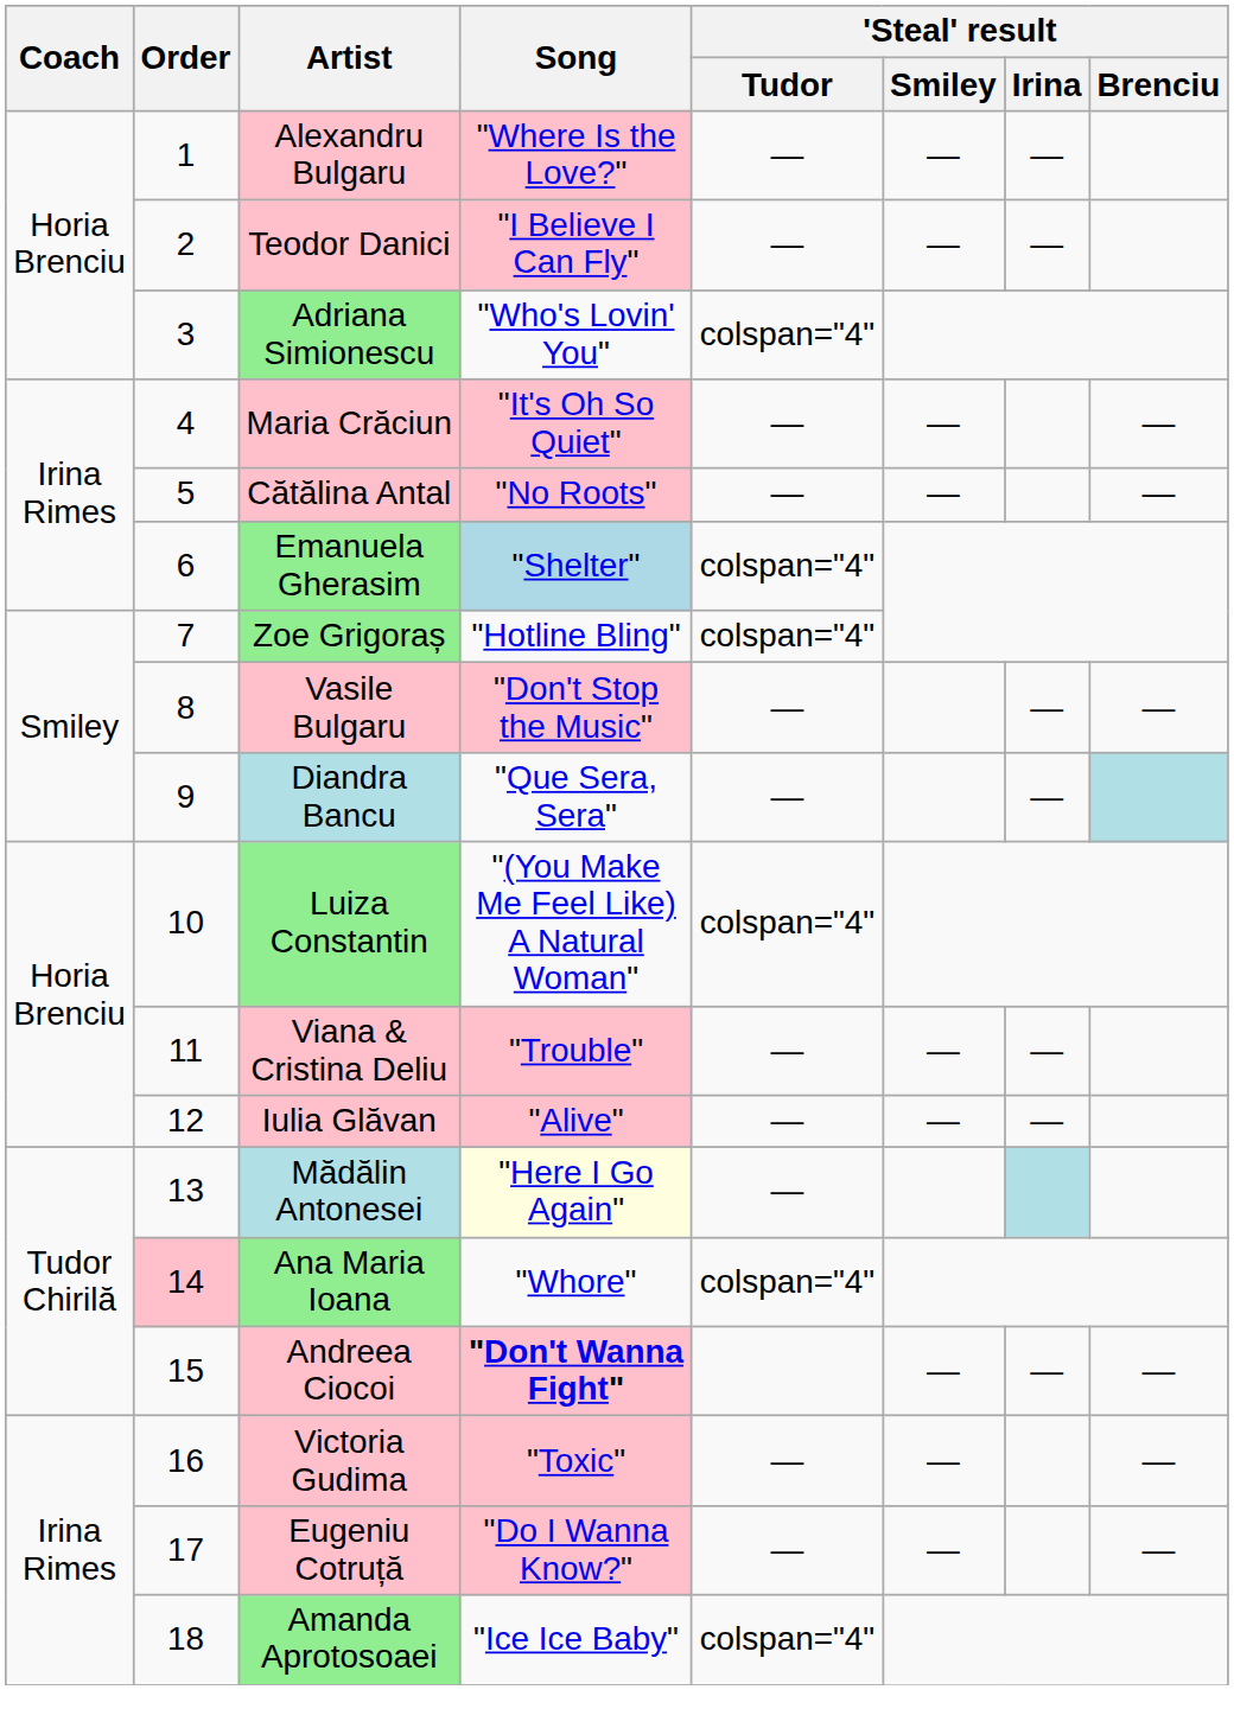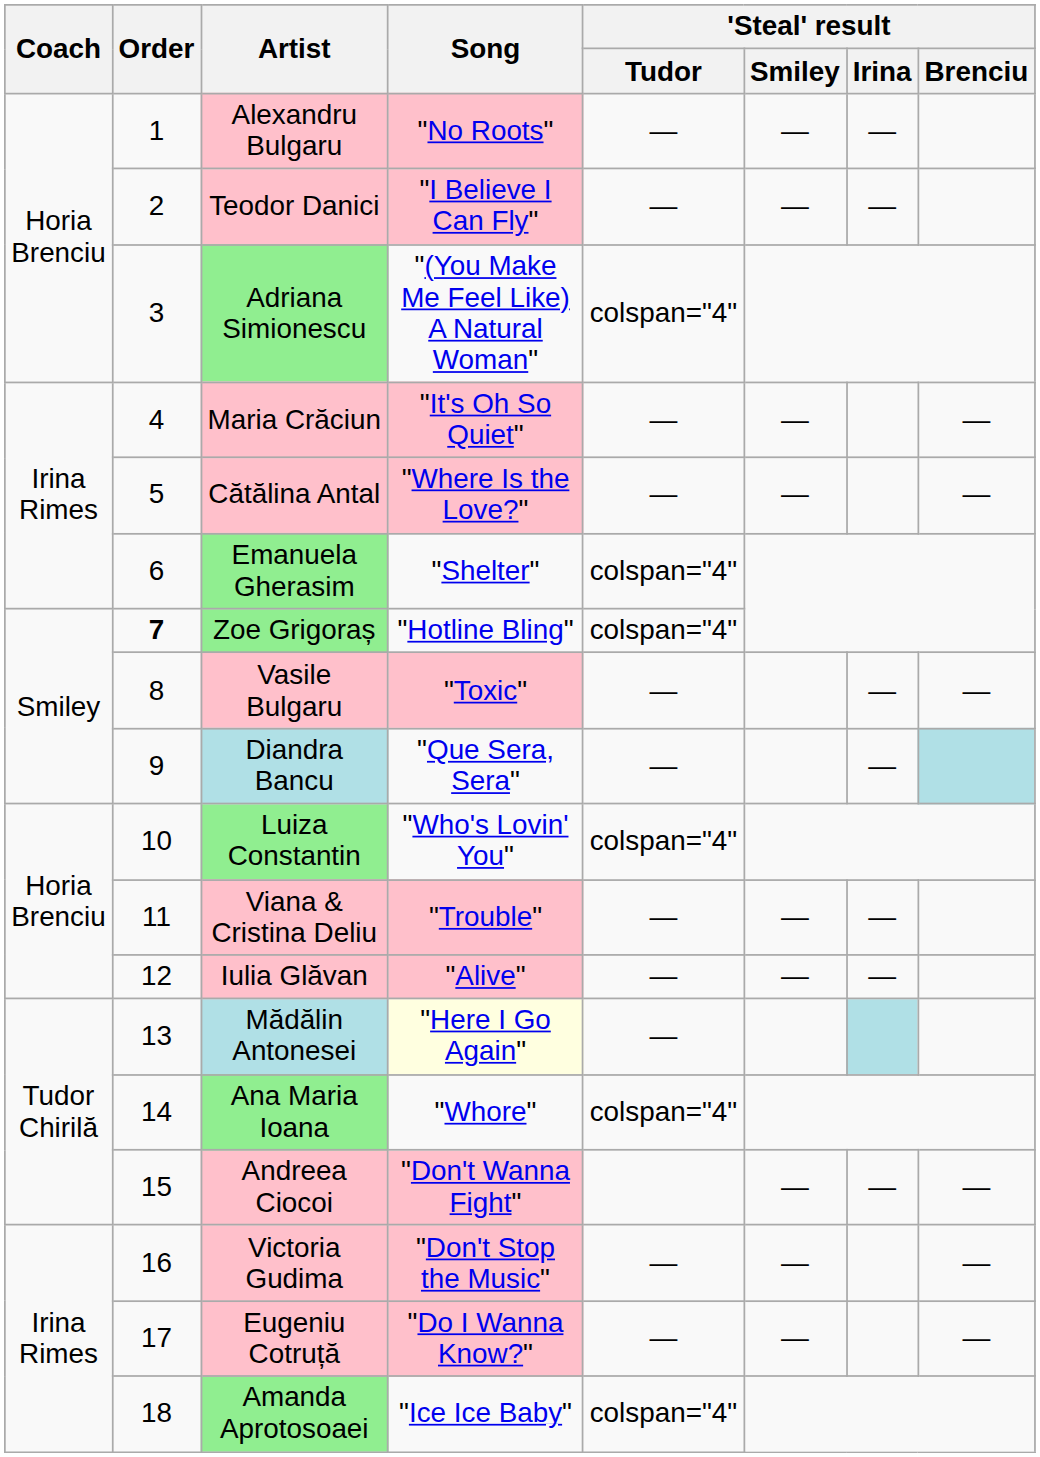 <table class="wikitable" style="text-align: center; width:95%;">
 <tr>
 <th style="width:09%;" rowspan="2">Coach</th>
 <th style="width:02%;" rowspan="2">Order</th>
 <th style="width:20%;" rowspan="2">Artist</th>
 <th style="width:24%;" rowspan="2">Song</th>
 <th colspan="4" style="width:28%;">'Steal' result</th>
 </tr>
 <tr>
 <th style="width:07%;">Tudor</th>
 <th style="width:07%;">Smiley</th>
 <th style="width:07%;">Irina</th>
 <th style="width:07%;">Brenciu</th>
 </tr>
 <tr>
 <td rowspan="3">Horia Brenciu</td>
 <td>1</td>
 <td bgcolor="pink">Alexandru Bulgaru</td>
-<td bgcolor="pink">"<a href='#'>Where Is the Love?</a>"</td>
+<td bgcolor="pink">"<a href='#'>No Roots</a>"</td>
 <td>—</td>
 <td>—</td>
 <td>—</td>
 <td></td>
 </tr>
 <tr>
 <td>2</td>
 <td bgcolor="pink">Teodor Danici</td>
 <td bgcolor="pink">"<a href='#'>I Believe I Can Fly</a>"</td>
 <td>—</td>
 <td>—</td>
 <td>—</td>
 <td></td>
 </tr>
 <tr>
 <td>3</td>
 <td bgcolor="lightgreen">Adriana Simionescu</td>
-<td>"<a href='#'>Who's Lovin' You</a>"</td>
+<td>"<a href='#'>(You Make Me Feel Like) A Natural Woman</a>"</td>
 <td>colspan="4" </td>
 </tr>
 <tr>
 <td rowspan="3">Irina Rimes</td>
 <td>4</td>
 <td bgcolor="pink">Maria Crăciun</td>
 <td bgcolor="pink">"<a href='#'>It's Oh So Quiet</a>"</td>
 <td>—</td>
 <td>—</td>
 <td></td>
 <td>—</td>
 </tr>
 <tr>
 <td>5</td>
 <td bgcolor="pink">Cătălina Antal</td>
-<td bgcolor="pink">"<a href='#'>No Roots</a>"</td>
+<td bgcolor="pink">"<a href='#'>Where Is the Love?</a>"</td>
 <td>—</td>
 <td>—</td>
 <td></td>
 <td>—</td>
 </tr>
 <tr>
 <td>6</td>
 <td bgcolor="lightgreen">Emanuela Gherasim</td>
-<td style="background: lightblue;">"<a href='#'>Shelter</a>"</td>
+<td>"<a href='#'>Shelter</a>"</td>
 <td>colspan="4" </td>
 </tr>
 <tr>
 <td rowspan="3">Smiley</td>
-<td>7</td>
+<td><strong>7</strong></td>
 <td bgcolor="lightgreen">Zoe Grigoraș</td>
 <td>"<a href='#'>Hotline Bling</a>"</td>
 <td>colspan="4" </td>
 </tr>
 <tr>
 <td>8</td>
 <td bgcolor="pink">Vasile Bulgaru</td>
-<td bgcolor="pink">"<a href='#'>Don't Stop the Music</a>"</td>
+<td bgcolor="pink">"<a href='#'>Toxic</a>"</td>
 <td>—</td>
 <td></td>
 <td>—</td>
 <td>—</td>
 </tr>
 <tr>
 <td>9</td>
 <td bgcolor="#b0e0e6">Diandra Bancu</td>
 <td>"<a href='#'>Que Sera, Sera</a>"</td>
 <td>—</td>
 <td></td>
 <td>—</td>
 <td bgcolor="#b0e0e6"><strong></strong></td>
 </tr>
 <tr>
 <td rowspan="3">Horia Brenciu</td>
 <td>10</td>
 <td bgcolor="lightgreen">Luiza Constantin</td>
-<td>"<a href='#'>(You Make Me Feel Like) A Natural Woman</a>"</td>
+<td>"<a href='#'>Who's Lovin' You</a>"</td>
 <td>colspan="4" </td>
 </tr>
 <tr>
 <td>11</td>
 <td bgcolor="pink">Viana & Cristina Deliu</td>
 <td bgcolor="pink">"<a href='#'>Trouble</a>"</td>
 <td>—</td>
 <td>—</td>
 <td>—</td>
 <td></td>
 </tr>
 <tr>
 <td>12</td>
 <td bgcolor="pink">Iulia Glăvan</td>
 <td bgcolor="pink">"<a href='#'>Alive</a>"</td>
 <td>—</td>
 <td>—</td>
 <td>—</td>
 <td></td>
 </tr>
 <tr>
 <td rowspan="3">Tudor Chirilă</td>
 <td>13</td>
 <td bgcolor="#b0e0e6">Mădălin Antonesei</td>
 <td style="background: lightyellow;">"<a href='#'>Here I Go Again</a>"</td>
 <td>—</td>
 <td></td>
 <td bgcolor="#b0e0e6"><strong></strong></td>
 <td><strong></strong></td>
 </tr>
 <tr>
-<td style="background: pink;">14</td>
+<td>14</td>
 <td bgcolor="lightgreen">Ana Maria Ioana</td>
 <td>"<a href='#'>Whore</a>"</td>
 <td>colspan="4" </td>
 </tr>
 <tr>
 <td>15</td>
 <td bgcolor="pink">Andreea Ciocoi</td>
-<td bgcolor="pink"><strong>"<a href='#'>Don't Wanna Fight</a>"</strong></td>
+<td bgcolor="pink">"<a href='#'>Don't Wanna Fight</a>"</td>
 <td></td>
 <td>—</td>
 <td>—</td>
 <td>—</td>
 </tr>
 <tr>
 <td rowspan="3">Irina Rimes</td>
 <td>16</td>
 <td bgcolor="pink">Victoria Gudima</td>
-<td bgcolor="pink">"<a href='#'>Toxic</a>"</td>
+<td bgcolor="pink">"<a href='#'>Don't Stop the Music</a>"</td>
 <td>—</td>
 <td>—</td>
 <td></td>
 <td>—</td>
 </tr>
 <tr>
 <td>17</td>
 <td bgcolor="pink">Eugeniu Cotruță</td>
 <td bgcolor="pink">"<a href='#'>Do I Wanna Know?</a>"</td>
 <td>—</td>
 <td>—</td>
 <td></td>
 <td>—</td>
 </tr>
 <tr>
 <td>18</td>
 <td bgcolor="lightgreen">Amanda Aprotosoaei</td>
 <td>"<a href='#'>Ice Ice Baby</a>"</td>
 <td>colspan="4" </td>
 </tr>
 <tr>
 </tr>
 </table>
